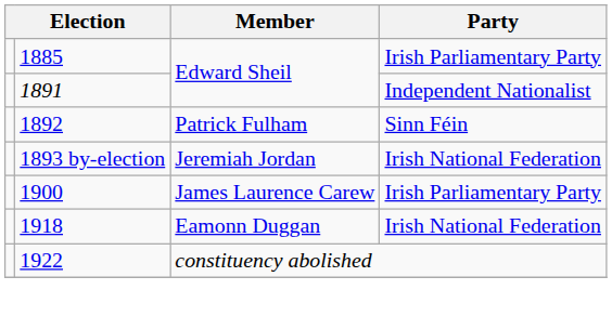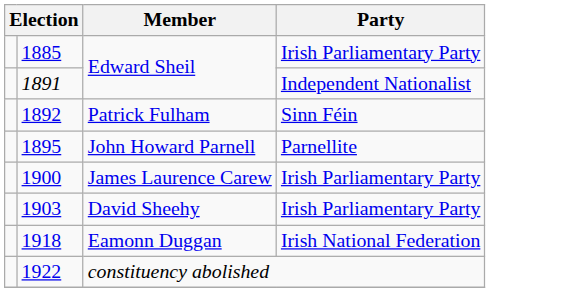 <table class="wikitable">
 <tr>
 <th colspan=2>Election</th>
 <th>Member</th>
 <th>Party</th>
 </tr>
 <tr>
 <td style="color:inherit;background-color: "></td>
 <td><a href='#'>1885</a></td>
 <td rowspan="2"><a href='#'>Edward Sheil</a></td>
 <td><a href='#'>Irish Parliamentary Party</a></td>
 </tr>
 <tr>
 <td style="color:inherit;background-color: "></td>
 <td><em>1891</em></td>
 <td><a href='#'>Independent Nationalist</a></td>
 </tr>
 <tr>
 <td style="color:inherit;background-color: "></td>
 <td><a href='#'>1892</a></td>
 <td><a href='#'>Patrick Fulham</a></td>
 <td><a href='#'>Sinn Féin</a></td>
 </tr>
 <tr>
 <td style="color:inherit;background-color: "></td>
-<td><a href='#'>1893 by-election</a></td>
-<td><a href='#'>Jeremiah Jordan</a></td>
-<td><a href='#'>Irish National Federation</a></td>
+<td><a href='#'>1895</a></td>
+<td><a href='#'>John Howard Parnell</a></td>
+<td><a href='#'>Parnellite</a></td>
 </tr>
 <tr>
 <td style="color:inherit;background-color: "></td>
 <td><a href='#'>1900</a></td>
 <td><a href='#'>James Laurence Carew</a></td>
+<td><a href='#'>Irish Parliamentary Party</a></td>
+</tr>
+<tr>
+<td style="color:inherit;background-color: "></td>
+<td><a href='#'>1903</a></td>
+<td><a href='#'>David Sheehy</a></td>
 <td><a href='#'>Irish Parliamentary Party</a></td>
 </tr>
 <tr>
 <td style="color:inherit;background-color: "></td>
 <td><a href='#'>1918</a></td>
 <td><a href='#'>Eamonn Duggan</a></td>
 <td><a href='#'>Irish National Federation</a></td>
 </tr>
 <tr>
 <td></td>
 <td><a href='#'>1922</a></td>
 <td colspan="2"><em>constituency abolished</em></td>
 </tr>
 <tr>
 </tr>
 </table>
